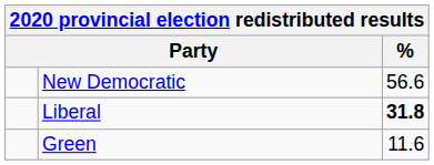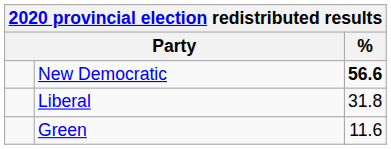 <table class="wikitable">
 <tr>
 <th colspan="4"><a href='#'>2020 provincial election</a> redistributed results</th>
 </tr>
 <tr>
 <th bgcolor="#DDDDFF" width="130px" colspan="2">Party</th>
 <th bgcolor="#DDDDFF" width="30px">%</th>
 </tr>
 <tr>
 <td> </td>
 <td><a href='#'>New Democratic</a></td>
-<td align=right>56.6</td>
+<td align=right><strong>56.6</strong></td>
 </tr>
 <tr>
 <td> </td>
 <td><a href='#'>Liberal</a></td>
-<td align=right><strong>31.8</strong></td>
+<td align=right>31.8</td>
 </tr>
 <tr>
 <td> </td>
 <td><a href='#'>Green</a></td>
 <td align=right>11.6</td>
 </tr>
 </table>
